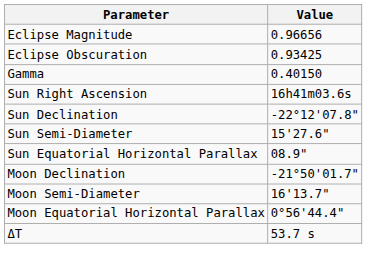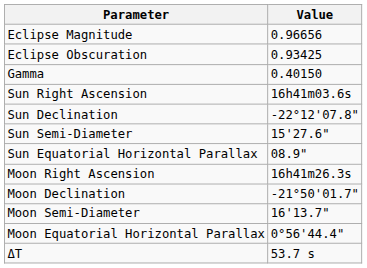 <table class="wikitable">
 <tr>
 <th>Parameter</th>
 <th>Value</th>
 </tr>
 <tr>
 <td>Eclipse Magnitude</td>
 <td>0.96656</td>
 </tr>
 <tr>
 <td>Eclipse Obscuration</td>
 <td>0.93425</td>
 </tr>
 <tr>
 <td>Gamma</td>
 <td>0.40150</td>
 </tr>
 <tr>
 <td>Sun Right Ascension</td>
 <td>16h41m03.6s</td>
 </tr>
 <tr>
 <td>Sun Declination</td>
 <td>-22°12'07.8"</td>
 </tr>
 <tr>
 <td>Sun Semi-Diameter</td>
 <td>15'27.6"</td>
 </tr>
 <tr>
 <td>Sun Equatorial Horizontal Parallax</td>
 <td>08.9"</td>
 </tr>
 <tr>
+<td>Moon Right Ascension</td>
+<td>16h41m26.3s</td>
+</tr>
+<tr>
 <td>Moon Declination</td>
 <td>-21°50'01.7"</td>
 </tr>
 <tr>
 <td>Moon Semi-Diameter</td>
 <td>16'13.7"</td>
 </tr>
 <tr>
 <td>Moon Equatorial Horizontal Parallax</td>
 <td>0°56'44.4"</td>
 </tr>
 <tr>
 <td>ΔT</td>
 <td>53.7 s</td>
 </tr>
 </table>
